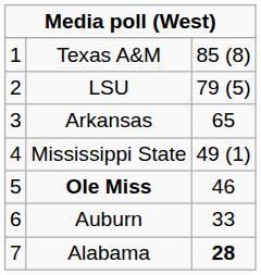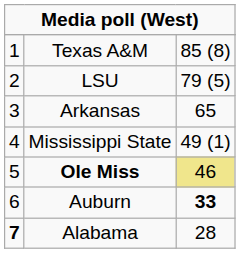 <table class="wikitable">
 <tr>
 <td colspan="3" align="center"><strong>Media poll (West)</strong></td>
 </tr>
 <tr align="center" >
 </tr>
 <tr align="center">
 <td>1</td>
 <td>Texas A&M</td>
 <td>85 (8)</td>
 </tr>
 <tr align="center">
 <td>2</td>
 <td>LSU</td>
 <td>79 (5)</td>
 </tr>
 <tr align="center">
 <td>3</td>
 <td>Arkansas</td>
 <td>65</td>
 </tr>
 <tr align="center">
 <td>4</td>
 <td>Mississippi State</td>
 <td>49 (1)</td>
 </tr>
 <tr align="center">
 <td>5</td>
 <td><strong>Ole Miss</strong></td>
-<td>46</td>
+<td style="background: khaki;">46</td>
 </tr>
 <tr align="center">
 <td>6</td>
 <td>Auburn</td>
-<td>33</td>
+<td><strong>33</strong></td>
 </tr>
 <tr align="center">
-<td>7</td>
+<td><strong>7</strong></td>
 <td>Alabama</td>
-<td><strong>28</strong></td>
+<td>28</td>
 </tr>
 </table>
